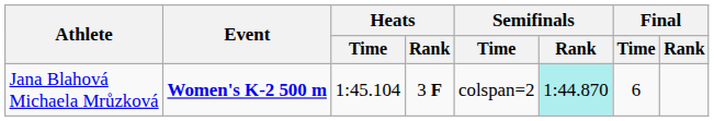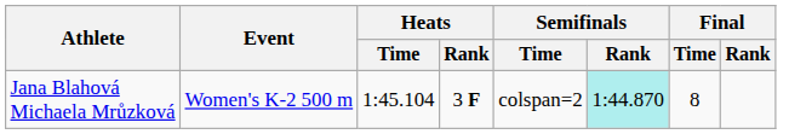 <table class="wikitable" style="font-size:90%">
 <tr>
 <th rowspan=2>Athlete</th>
 <th rowspan=2>Event</th>
 <th colspan=2>Heats</th>
 <th colspan=2>Semifinals</th>
 <th colspan=2>Final</th>
 </tr>
 <tr style="font-size:95%">
 <th>Time</th>
 <th>Rank</th>
 <th>Time</th>
 <th>Rank</th>
 <th>Time</th>
 <th>Rank</th>
 </tr>
 <tr align=center>
 <td align=left><a href='#'>Jana Blahová</a><br><a href='#'>Michaela Mrůzková</a></td>
-<td align=left><strong><a href='#'>Women's K-2 500 m</a></strong></td>
+<td align=left><a href='#'>Women's K-2 500 m</a></td>
 <td>1:45.104</td>
 <td>3 <strong>F</strong></td>
 <td>colspan=2 </td>
 <td style="background: paleturquoise;">1:44.870</td>
-<td>6</td>
+<td>8</td>
 </tr>
 </table>
